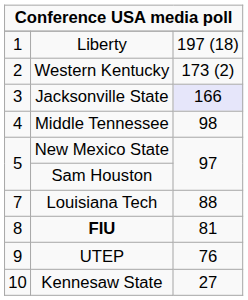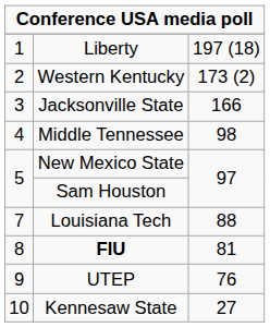 <table class="wikitable" style="display: inline-table;">
 <tr>
 <td align="center" Colspan="3"><strong>Conference USA media poll</strong></td>
 </tr>
 <tr align="center">
 </tr>
 <tr align="center">
 <td>1</td>
 <td>Liberty</td>
 <td>197 (18)</td>
 </tr>
 <tr align="center">
 <td>2</td>
 <td>Western Kentucky</td>
 <td>173 (2)</td>
 </tr>
 <tr align="center">
 <td>3</td>
 <td>Jacksonville State</td>
-<td style="background: lavender;">166</td>
+<td>166</td>
 </tr>
 <tr align="center">
 <td>4</td>
 <td>Middle Tennessee</td>
 <td>98</td>
 </tr>
 <tr align="center">
 <td rowspan="2">5</td>
 <td>New Mexico State</td>
 <td rowspan="2">97</td>
 </tr>
 <tr align="center">
 <td>Sam Houston</td>
 </tr>
 <tr align="center">
 <td>7</td>
 <td>Louisiana Tech</td>
 <td>88</td>
 </tr>
 <tr align="center">
 <td>8</td>
 <td><strong>FIU</strong></td>
 <td>81</td>
 </tr>
 <tr align="center">
 <td>9</td>
 <td>UTEP</td>
 <td>76</td>
 </tr>
 <tr align="center">
 <td>10</td>
 <td>Kennesaw State</td>
 <td>27</td>
 </tr>
 </table>
